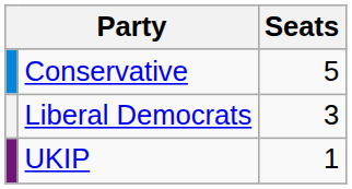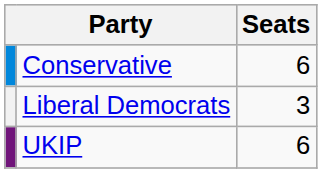 <table class="wikitable">
 <tr>
 <th colspan=2>Party</th>
 <th>Seats</th>
 </tr>
 <tr>
 <th style="background-color: #0087DC"></th>
 <td><a href='#'>Conservative</a></td>
-<td align=right>5</td>
+<td align=right>6</td>
 </tr>
 <tr>
 <th style="background-color: "></th>
 <td><a href='#'>Liberal Democrats</a></td>
 <td align=right>3</td>
 </tr>
 <tr>
 <th style="background-color: #70147A"></th>
 <td><a href='#'>UKIP</a></td>
-<td align=right>1</td>
+<td align=right>6</td>
 </tr>
 </table>
